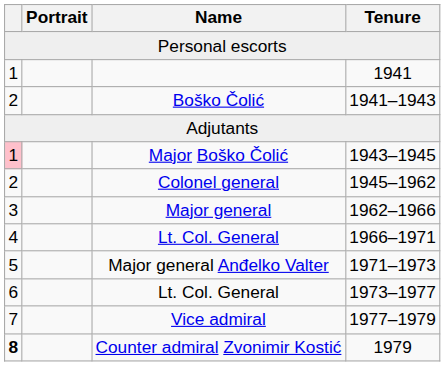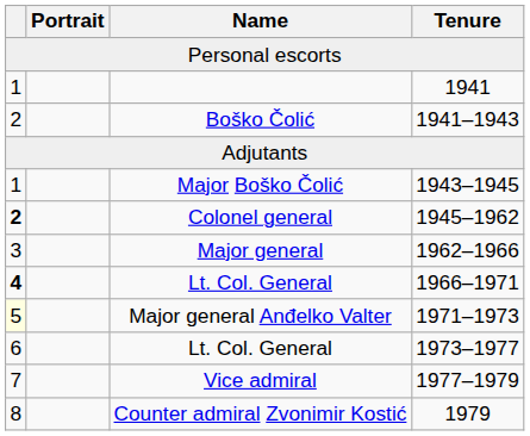 <table class="wikitable" style="text-align:center">
 <tr>
 <th></th>
 <th>Portrait</th>
 <th>Name</th>
 <th>Tenure</th>
 </tr>
 <tr style="background:#efefef;">
 <td colspan=4>Personal escorts</td>
 </tr>
 <tr>
 <td>1</td>
 <td></td>
 <td></td>
 <td>1941</td>
 </tr>
 <tr>
 <td>2</td>
 <td></td>
 <td><a href='#'>Boško Čolić</a></td>
 <td>1941–1943</td>
 </tr>
 <tr style="background:#efefef;">
 <td colspan=4>Adjutants</td>
 </tr>
 <tr>
-<td style="background: pink;">1</td>
+<td>1</td>
 <td></td>
 <td><a href='#'>Major</a> <a href='#'>Boško Čolić</a></td>
 <td>1943–1945</td>
 </tr>
 <tr>
-<td>2</td>
+<td><strong>2</strong></td>
 <td></td>
 <td><a href='#'>Colonel general</a> </td>
 <td>1945–1962</td>
 </tr>
 <tr>
 <td>3</td>
 <td></td>
 <td><a href='#'>Major general</a> </td>
 <td>1962–1966</td>
 </tr>
 <tr>
-<td>4</td>
+<td><strong>4</strong></td>
 <td></td>
 <td><a href='#'>Lt. Col. General</a> </td>
 <td>1966–1971</td>
 </tr>
 <tr>
-<td>5</td>
+<td style="background: lightyellow;">5</td>
 <td></td>
 <td>Major general <a href='#'>Anđelko Valter</a></td>
 <td>1971–1973</td>
 </tr>
 <tr>
 <td>6</td>
 <td></td>
 <td>Lt. Col. General </td>
 <td>1973–1977</td>
 </tr>
 <tr>
 <td>7</td>
 <td></td>
 <td><a href='#'>Vice admiral</a> </td>
 <td>1977–1979</td>
 </tr>
 <tr>
-<td><strong>8</strong></td>
+<td>8</td>
 <td></td>
 <td><a href='#'>Counter admiral</a> <a href='#'>Zvonimir Kostić</a></td>
 <td>1979</td>
 </tr>
 </table>
